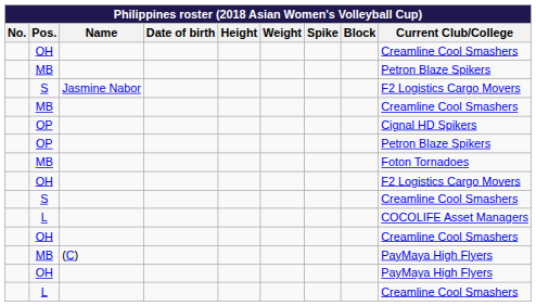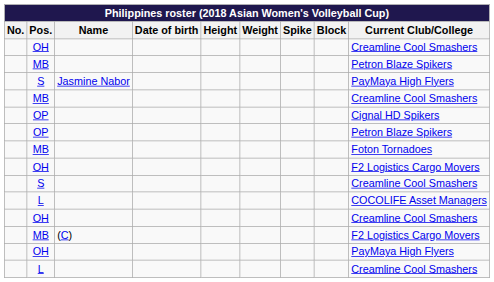 <table class="wikitable sortable" style="font-size:90%; text-align:left;">
 <tr>
 <th colspan=10 style="background:#1F174E; color:#FFFFFF;">Philippines roster (2018 Asian Women's Volleyball Cup)</th>
 </tr>
 <tr>
 <th style= align=center "background:#0038A8; color:white;">No.</th>
 <th style= align=center "background:#0038A8; color:white;">Pos.</th>
 <th style= align=center "width:12em; background:#0038A8; color:white;">Name</th>
 <th style= align=center "width:14em; background:#0038A8; color:white;">Date of birth</th>
 <th style= align=center "width:10em; background:#0038A8; color:white;">Height</th>
 <th style= align=center "width:8em; background:#0038A8; color:white;">Weight</th>
 <th style= align=center "width:8em; background:#0038A8; color:white;">Spike</th>
 <th style= align=center "width:8em; background:#0038A8; color:white;">Block</th>
 <th style= align=center"width:15em; background:#0038A8; color:white;">Current Club/College</th>
 </tr>
 <tr align=center>
 <td></td>
 <td><a href='#'>OH</a></td>
 <td align=left></td>
 <td align=right></td>
 <td></td>
 <td></td>
 <td></td>
 <td></td>
 <td align=left> <a href='#'>Creamline Cool Smashers</a></td>
 </tr>
 <tr align=center>
 <td></td>
 <td><a href='#'>MB</a></td>
 <td align=left></td>
 <td align=right></td>
 <td></td>
 <td></td>
 <td></td>
 <td></td>
 <td align=left> <a href='#'>Petron Blaze Spikers</a></td>
 </tr>
 <tr align=center>
 <td></td>
 <td><a href='#'>S</a></td>
 <td align=left><a href='#'>Jasmine Nabor</a></td>
 <td align=right></td>
 <td></td>
 <td></td>
 <td></td>
 <td></td>
-<td align=left> <a href='#'>F2 Logistics Cargo Movers</a></td>
+<td align=left> <a href='#'>PayMaya High Flyers</a></td>
 </tr>
 <tr align=center>
 <td></td>
 <td><a href='#'>MB</a></td>
 <td align=left></td>
 <td align=right></td>
 <td></td>
 <td></td>
 <td></td>
 <td></td>
 <td align=left> <a href='#'>Creamline Cool Smashers</a></td>
 </tr>
 <tr align=center>
 <td></td>
 <td><a href='#'>OP</a></td>
 <td align=left></td>
 <td align=right></td>
 <td></td>
 <td></td>
 <td></td>
 <td></td>
 <td align=left> <a href='#'>Cignal HD Spikers</a></td>
 </tr>
 <tr align=center>
 <td></td>
 <td><a href='#'>OP</a></td>
 <td align=left></td>
 <td align=right></td>
 <td></td>
 <td></td>
 <td></td>
 <td></td>
 <td align=left> <a href='#'>Petron Blaze Spikers</a></td>
 </tr>
 <tr align=center>
 <td></td>
 <td><a href='#'>MB</a></td>
 <td align=left></td>
 <td align=right></td>
 <td></td>
 <td></td>
 <td></td>
 <td></td>
 <td align=left> <a href='#'>Foton Tornadoes</a></td>
 </tr>
 <tr align=center>
 <td></td>
 <td><a href='#'>OH</a></td>
 <td align=left></td>
 <td align=right></td>
 <td></td>
 <td></td>
 <td></td>
 <td></td>
 <td align=left> <a href='#'>F2 Logistics Cargo Movers</a></td>
 </tr>
 <tr align=center>
 <td></td>
 <td><a href='#'>S</a></td>
 <td align=left></td>
 <td align=right></td>
 <td></td>
 <td></td>
 <td></td>
 <td></td>
 <td align=left> <a href='#'>Creamline Cool Smashers</a></td>
 </tr>
 <tr align=center>
 <td></td>
 <td><a href='#'>L</a></td>
 <td align=left></td>
 <td align=right></td>
 <td></td>
 <td></td>
 <td></td>
 <td></td>
 <td align=left> <a href='#'>COCOLIFE Asset Managers</a></td>
 </tr>
 <tr align=center>
 <td></td>
 <td><a href='#'>OH</a></td>
 <td align=left></td>
 <td align=right></td>
 <td></td>
 <td></td>
 <td></td>
 <td></td>
 <td align=left> <a href='#'>Creamline Cool Smashers</a></td>
 </tr>
 <tr align=center>
 <td></td>
 <td><a href='#'>MB</a></td>
 <td align=left> (<a href='#'>C</a>)</td>
 <td align=right></td>
 <td></td>
 <td></td>
 <td></td>
 <td></td>
-<td align=left> <a href='#'>PayMaya High Flyers</a></td>
+<td align=left> <a href='#'>F2 Logistics Cargo Movers</a></td>
 </tr>
 <tr align=center>
 <td></td>
 <td><a href='#'>OH</a></td>
 <td align=left></td>
 <td align=right></td>
 <td></td>
 <td></td>
 <td></td>
 <td></td>
 <td align=left> <a href='#'>PayMaya High Flyers</a></td>
 </tr>
 <tr align=center>
 <td></td>
 <td><a href='#'>L</a></td>
 <td align=left></td>
 <td align=right></td>
 <td></td>
 <td></td>
 <td></td>
 <td></td>
 <td align=left> <a href='#'>Creamline Cool Smashers</a></td>
 </tr>
 </table>
